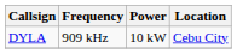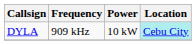 <table class="wikitable">
 <tr>
 <th>Callsign</th>
 <th>Frequency</th>
 <th>Power</th>
 <th>Location</th>
 </tr>
 <tr>
 <td><a href='#'>DYLA</a></td>
 <td>909 kHz</td>
 <td>10 kW</td>
-<td><a href='#'>Cebu City</a></td>
+<td style="background: paleturquoise;"><a href='#'>Cebu City</a></td>
 </tr>
 <tr>
 </tr>
 </table>
